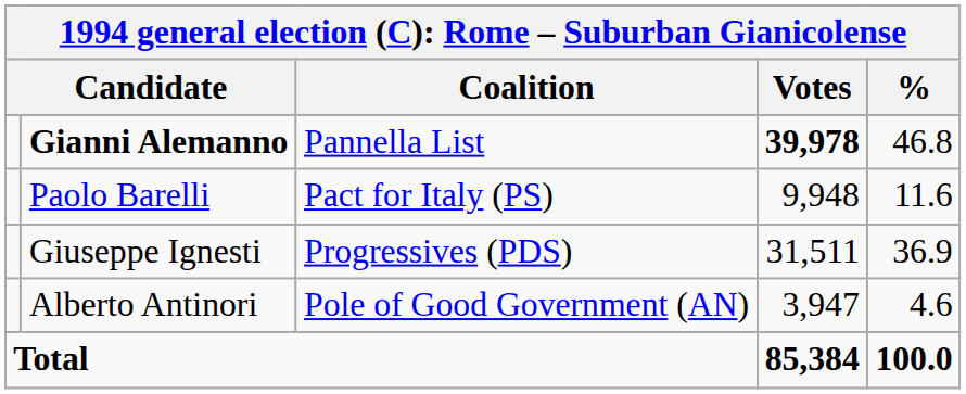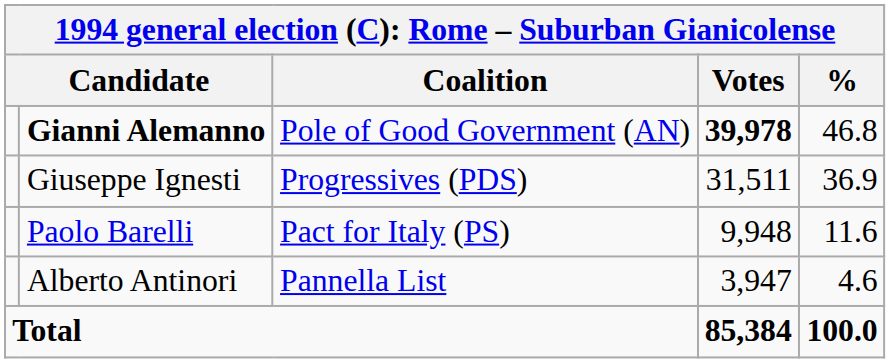 <table class=wikitable style=text-align:right>
 <tr>
 <th colspan=5><a href='#'>1994 general election</a> (<a href='#'>C</a>): <a href='#'>Rome</a> – <a href='#'>Suburban Gianicolense</a></th>
 </tr>
 <tr>
 <th colspan=2>Candidate</th>
 <th>Coalition</th>
 <th>Votes</th>
 <th>%</th>
 </tr>
 <tr>
 <td></td>
 <td align=left><strong>Gianni Alemanno</strong></td>
-<td align=left><a href='#'>Pannella List</a></td>
+<td align=left><a href='#'>Pole of Good Government</a> (<a href='#'>AN</a>)</td>
 <td><strong>39,978</strong></td>
 <td>46.8</td>
+</tr>
+<tr>
+<td></td>
+<td align=left>Giuseppe Ignesti</td>
+<td align=left><a href='#'>Progressives</a> (<a href='#'>PDS</a>)</td>
+<td>31,511</td>
+<td>36.9</td>
 </tr>
 <tr>
 <td></td>
 <td align=left><a href='#'>Paolo Barelli</a></td>
 <td align=left><a href='#'>Pact for Italy</a> (<a href='#'>PS</a>)</td>
 <td>9,948</td>
 <td>11.6</td>
 </tr>
 <tr>
 <td></td>
-<td align=left>Giuseppe Ignesti</td>
-<td align=left><a href='#'>Progressives</a> (<a href='#'>PDS</a>)</td>
-<td>31,511</td>
-<td>36.9</td>
-</tr>
-<tr>
-<td></td>
 <td align=left>Alberto Antinori</td>
-<td align=left><a href='#'>Pole of Good Government</a> (<a href='#'>AN</a>)</td>
+<td align=left><a href='#'>Pannella List</a></td>
 <td>3,947</td>
 <td>4.6</td>
 </tr>
 <tr>
 <td align=left colspan=3><strong>Total</strong></td>
 <td><strong>85,384</strong></td>
 <td><strong>100.0</strong></td>
 </tr>
 </table>
